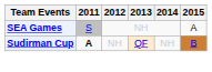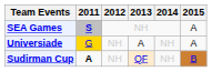 <table style='font-size: 90%; text-align:center;' class='wikitable'>
 <tr>
 <th>Team Events</th>
 <th>2011</th>
 <th>2012</th>
 <th>2013</th>
 <th>2014</th>
 <th>2015</th>
 </tr>
 <tr>
 <td bgcolor="#ECF2FF"; align="left"><strong><a href='#'>SEA Games</a></strong></td>
-<td bgcolor=silver><a href='#'>S</a></td>
+<td bgcolor=silver><strong><a href='#'>S</a></strong></td>
 <td colspan="3" style="color:#ccc;">NH</td>
+<td>A</td>
+</tr>
+<tr>
+<td bgcolor="#ECF2FF"; align="left"><strong><a href='#'>Universiade</a></strong></td>
+<td bgcolor=gold><a href='#'>G</a></td>
+<td style="color:#ccc;">NH</td>
+<td>A</td>
+<td style="color:#ccc;">NH</td>
 <td>A</td>
 </tr>
 <tr>
 <td bgcolor="#ECF2FF"; align="left"><strong><a href='#'>Sudirman Cup</a></strong></td>
 <td><strong>A</strong></td>
 <td style="color:#ccc;">NH</td>
 <td bgcolor=FFEBCD><a href='#'>QF</a></td>
 <td style="color:#ccc;">NH</td>
 <td bgcolor=CD7F32><a href='#'>B</a></td>
 </tr>
 </table>
